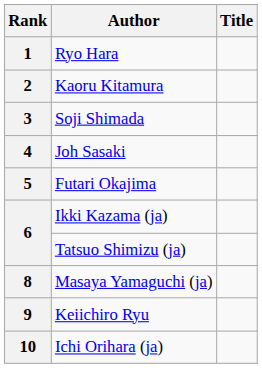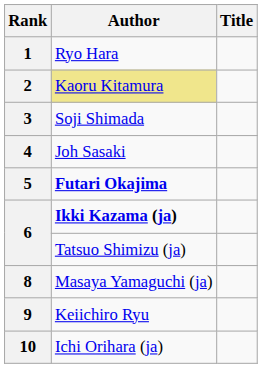 <table class="wikitable sortable" style="font-size:1.00em; line-height:1.5em;">
 <tr>
 <th>Rank</th>
 <th>Author</th>
 <th>Title</th>
 </tr>
 <tr>
 <th>1</th>
 <td><a href='#'>Ryo Hara</a></td>
 <td></td>
 </tr>
 <tr>
 <th>2</th>
-<td><a href='#'>Kaoru Kitamura</a></td>
+<td style="background: khaki;"><a href='#'>Kaoru Kitamura</a></td>
 <td></td>
 </tr>
 <tr>
 <th>3</th>
 <td><a href='#'>Soji Shimada</a></td>
 <td></td>
 </tr>
 <tr>
 <th>4</th>
 <td><a href='#'>Joh Sasaki</a></td>
 <td></td>
 </tr>
 <tr>
 <th>5</th>
-<td><a href='#'>Futari Okajima</a></td>
+<td><strong><a href='#'>Futari Okajima</a></strong></td>
 <td></td>
 </tr>
 <tr>
 <th rowspan="2">6</th>
-<td><a href='#'>Ikki Kazama</a> (<a href='#'>ja</a>)</td>
+<td><strong><a href='#'>Ikki Kazama</a> (<a href='#'>ja</a>)</strong></td>
 <td></td>
 </tr>
 <tr>
 <td><a href='#'>Tatsuo Shimizu</a> (<a href='#'>ja</a>)</td>
 <td></td>
 </tr>
 <tr>
 <th>8</th>
 <td><a href='#'>Masaya Yamaguchi</a> (<a href='#'>ja</a>)</td>
 <td></td>
 </tr>
 <tr>
 <th>9</th>
 <td><a href='#'>Keiichiro Ryu</a></td>
 <td></td>
 </tr>
 <tr>
 <th>10</th>
 <td><a href='#'>Ichi Orihara</a> (<a href='#'>ja</a>)</td>
 <td></td>
 </tr>
 </table>
